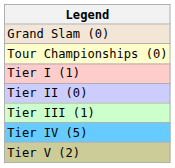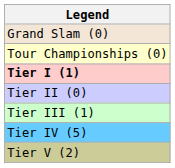 <table class="wikitable sortable mw-collapsible mw-collapsed">
 <tr>
 <th>Legend</th>
 </tr>
 <tr style="background:#f3e6d7;">
 <td>Grand Slam (0)</td>
 </tr>
 <tr style="background:#ffc;">
 <td>Tour Championships (0)</td>
 </tr>
 <tr bgcolor="#FFCCCC">
-<td>Tier I (1)</td>
+<td><strong>Tier I (1)</strong></td>
 </tr>
 <tr style="background:#ccf;">
 <td>Tier II (0)</td>
 </tr>
 <tr style="background:#cfc;">
 <td>Tier III (1)</td>
 </tr>
 <tr style="background:#6cf;">
 <td>Tier IV (5)</td>
 </tr>
 <tr style="background:#cc9;">
 <td>Tier V (2)</td>
 </tr>
 </table>
